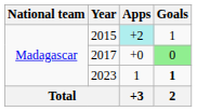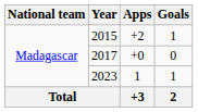 <table class="wikitable" style="text-align:center">
 <tr>
 <th>National team</th>
 <th>Year</th>
 <th>Apps</th>
 <th>Goals</th>
 </tr>
 <tr>
 <td rowspan="3"><a href='#'>Madagascar</a></td>
 <td>2015</td>
-<td style="background: paleturquoise;">+2</td>
+<td>+2</td>
 <td>1</td>
 </tr>
 <tr>
 <td>2017</td>
 <td>+0</td>
-<td style="background: lightgreen;">0</td>
+<td>0</td>
 </tr>
 <tr>
 <td>2023</td>
 <td>1</td>
-<td><strong>1</strong></td>
+<td>1</td>
 </tr>
 <tr>
 <th colspan="2">Total</th>
 <th>+3</th>
 <th>2</th>
 </tr>
 </table>
